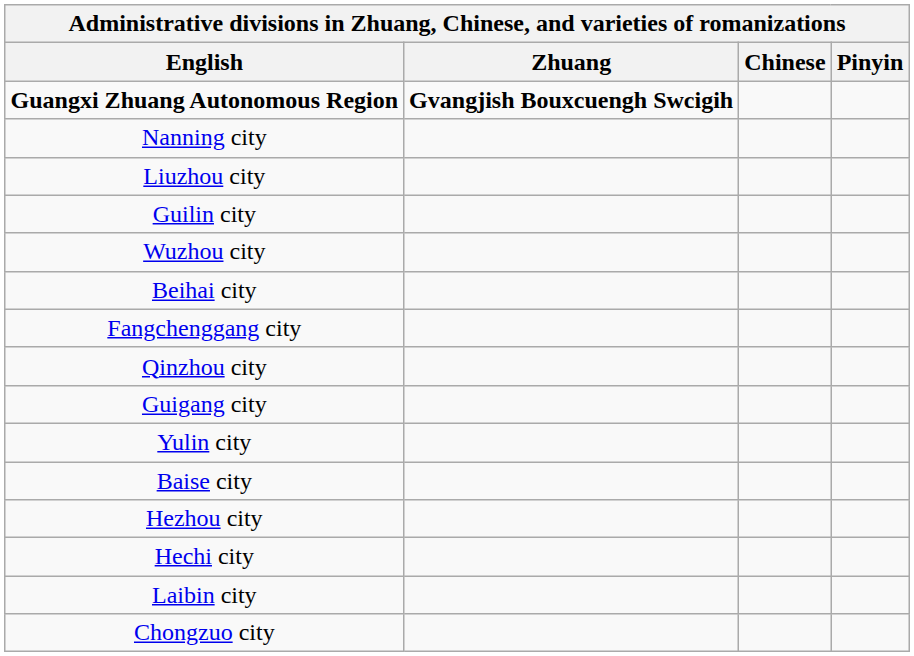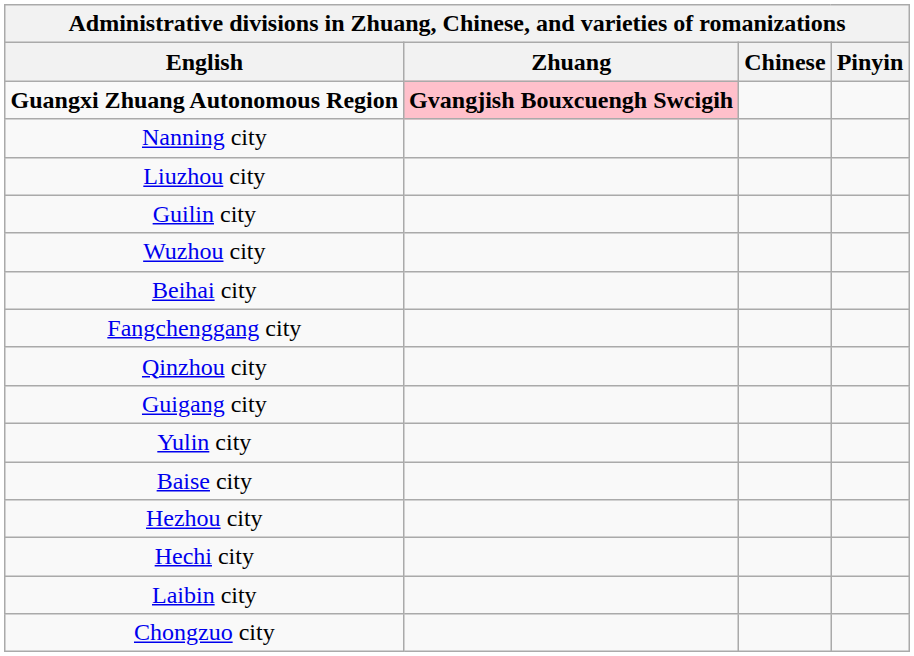 <table class="wikitable sortable collapsible collapsed" style="text-font:90%; width:auto; text-align:center; margin-left: auto; margin-right: auto;">
 <tr>
 <th colspan="5">Administrative divisions in Zhuang, Chinese, and varieties of romanizations</th>
 </tr>
 <tr>
 <th>English</th>
 <th>Zhuang</th>
 <th>Chinese</th>
 <th>Pinyin</th>
 </tr>
 <tr>
 <td><strong>Guangxi Zhuang Autonomous Region</strong></td>
-<td><strong>Gvangjish Bouxcuengh Swcigih</strong></td>
+<td style="background: pink;"><strong>Gvangjish Bouxcuengh Swcigih</strong></td>
 <td></td>
 <td></td>
 </tr>
 <tr>
 <td><a href='#'>Nanning</a> city</td>
 <td></td>
 <td></td>
 <td></td>
 </tr>
 <tr>
 <td><a href='#'>Liuzhou</a> city</td>
 <td></td>
 <td></td>
 <td></td>
 </tr>
 <tr>
 <td><a href='#'>Guilin</a> city</td>
 <td></td>
 <td></td>
 <td></td>
 </tr>
 <tr>
 <td><a href='#'>Wuzhou</a> city</td>
 <td></td>
 <td></td>
 <td></td>
 </tr>
 <tr>
 <td><a href='#'>Beihai</a> city</td>
 <td></td>
 <td></td>
 <td></td>
 </tr>
 <tr>
 <td><a href='#'>Fangchenggang</a> city</td>
 <td></td>
 <td></td>
 <td></td>
 </tr>
 <tr>
 <td><a href='#'>Qinzhou</a> city</td>
 <td></td>
 <td></td>
 <td></td>
 </tr>
 <tr>
 <td><a href='#'>Guigang</a> city</td>
 <td></td>
 <td></td>
 <td></td>
 </tr>
 <tr>
 <td><a href='#'>Yulin</a> city</td>
 <td></td>
 <td></td>
 <td></td>
 </tr>
 <tr>
 <td><a href='#'>Baise</a> city</td>
 <td></td>
 <td></td>
 <td></td>
 </tr>
 <tr>
 <td><a href='#'>Hezhou</a> city</td>
 <td></td>
 <td></td>
 <td></td>
 </tr>
 <tr>
 <td><a href='#'>Hechi</a> city</td>
 <td></td>
 <td></td>
 <td></td>
 </tr>
 <tr>
 <td><a href='#'>Laibin</a> city</td>
 <td></td>
 <td></td>
 <td></td>
 </tr>
 <tr>
 <td><a href='#'>Chongzuo</a> city</td>
 <td></td>
 <td></td>
 <td></td>
 </tr>
 </table>
